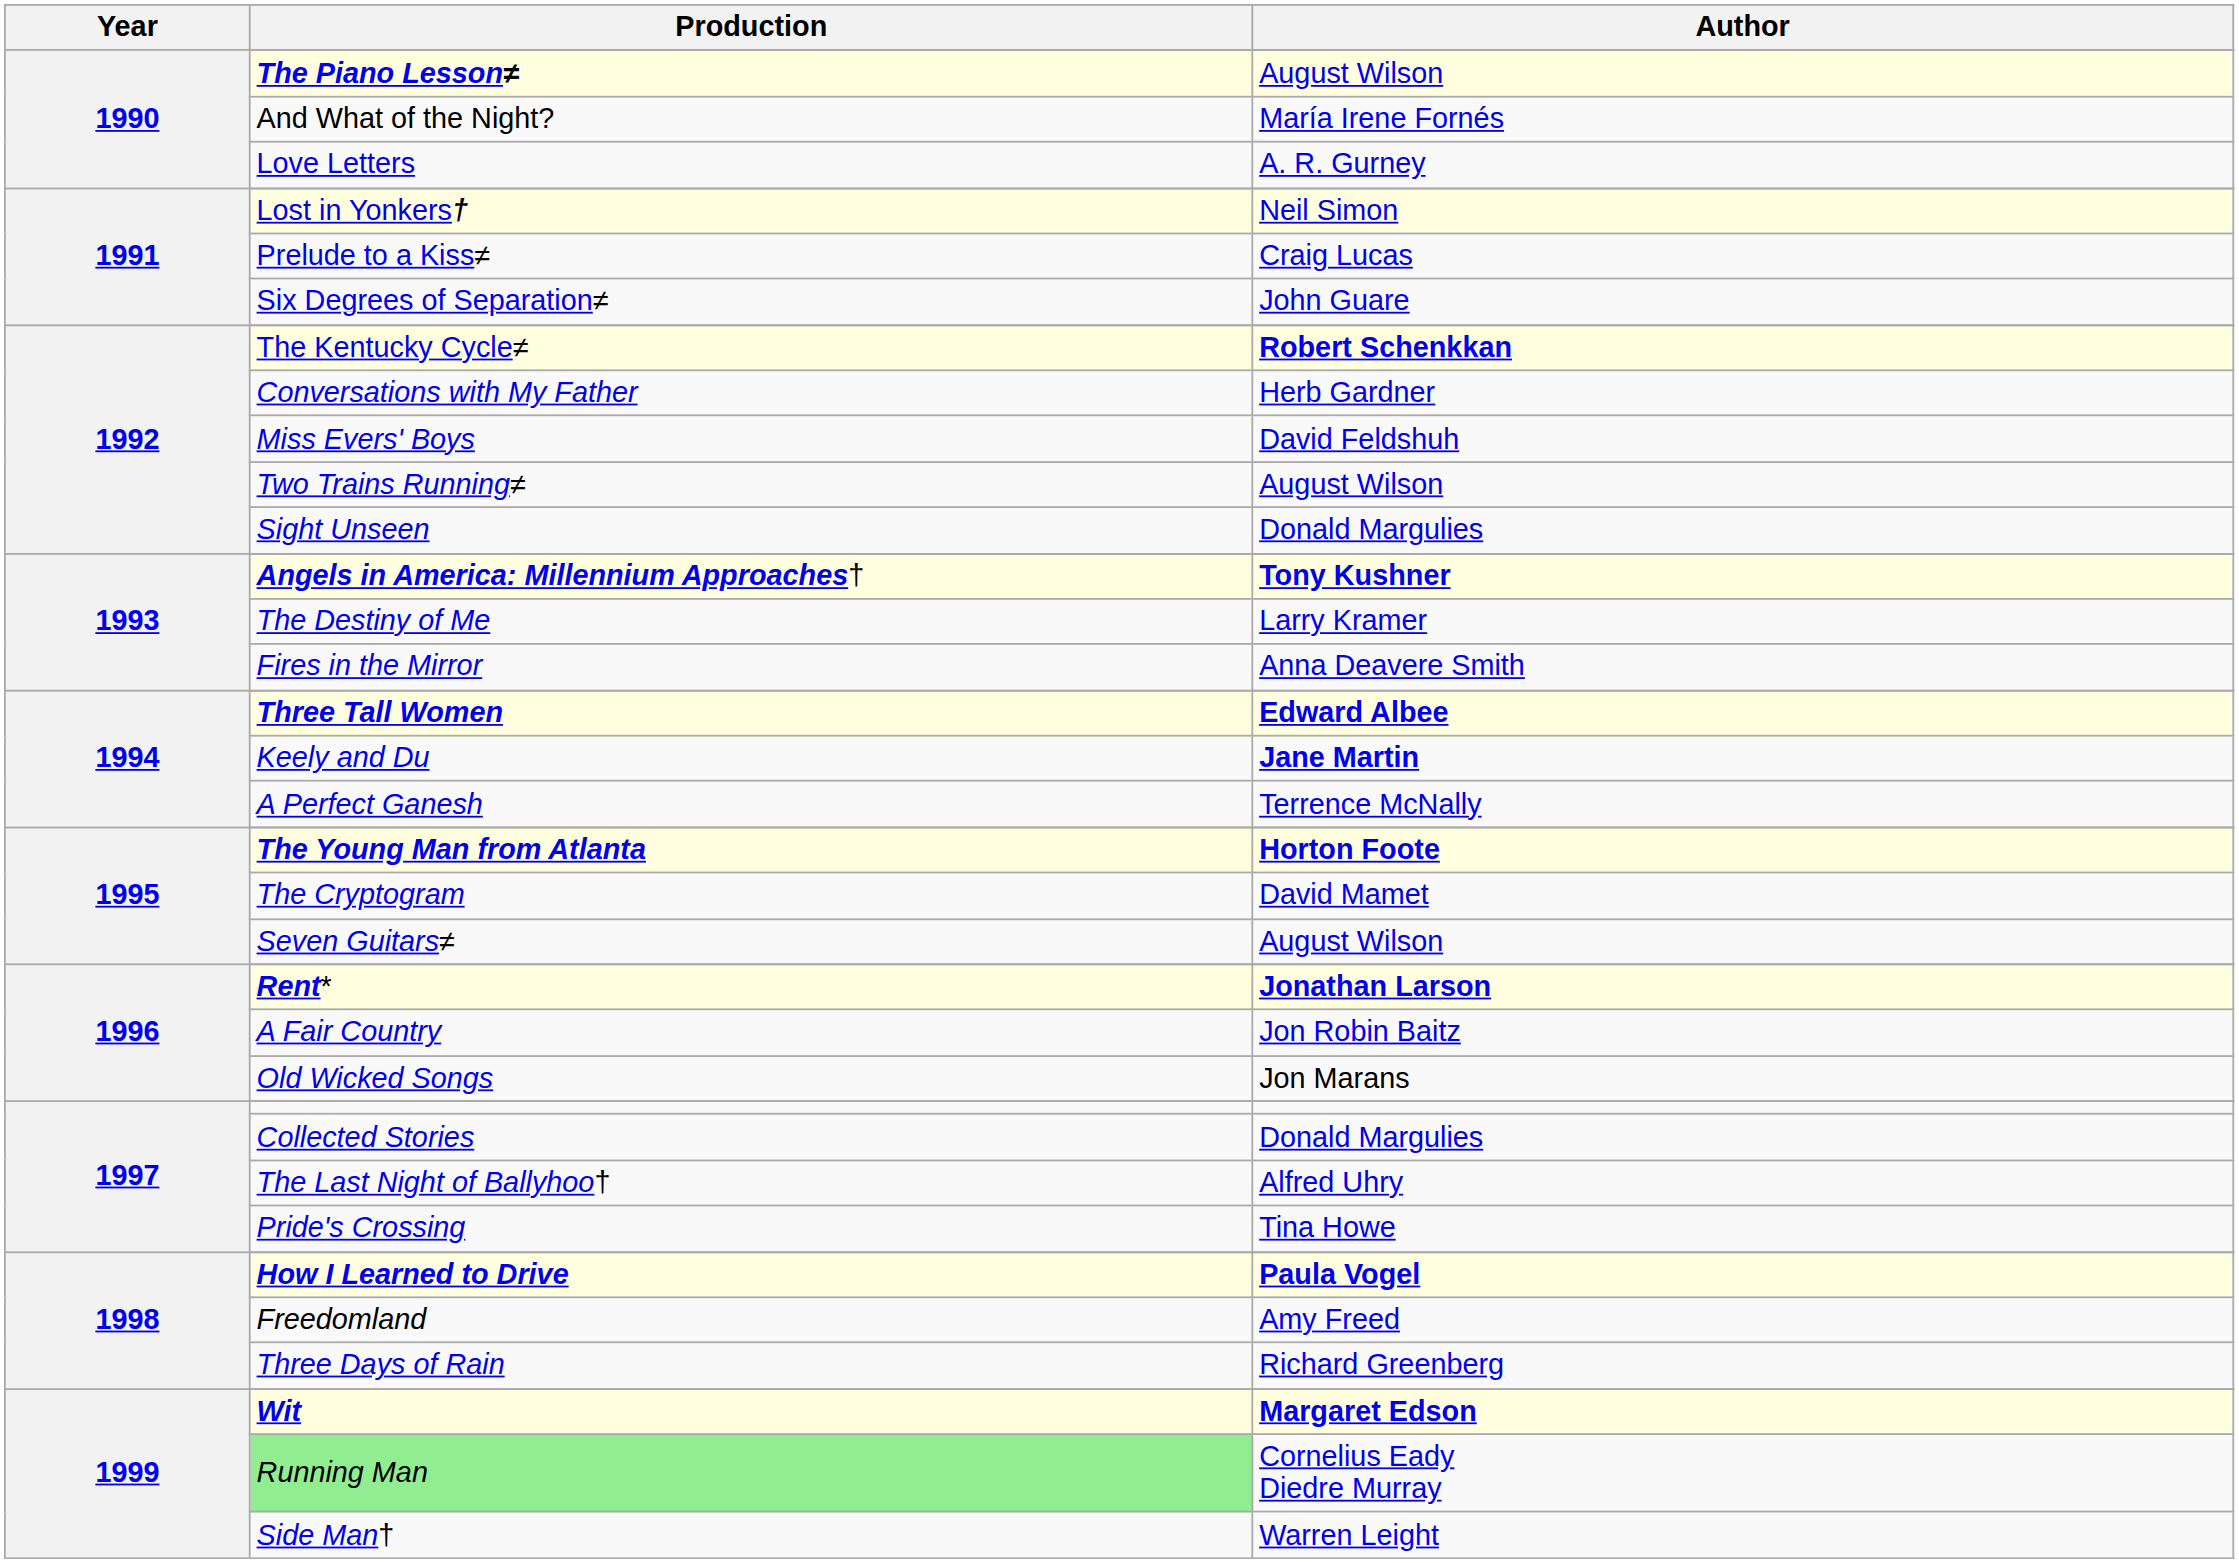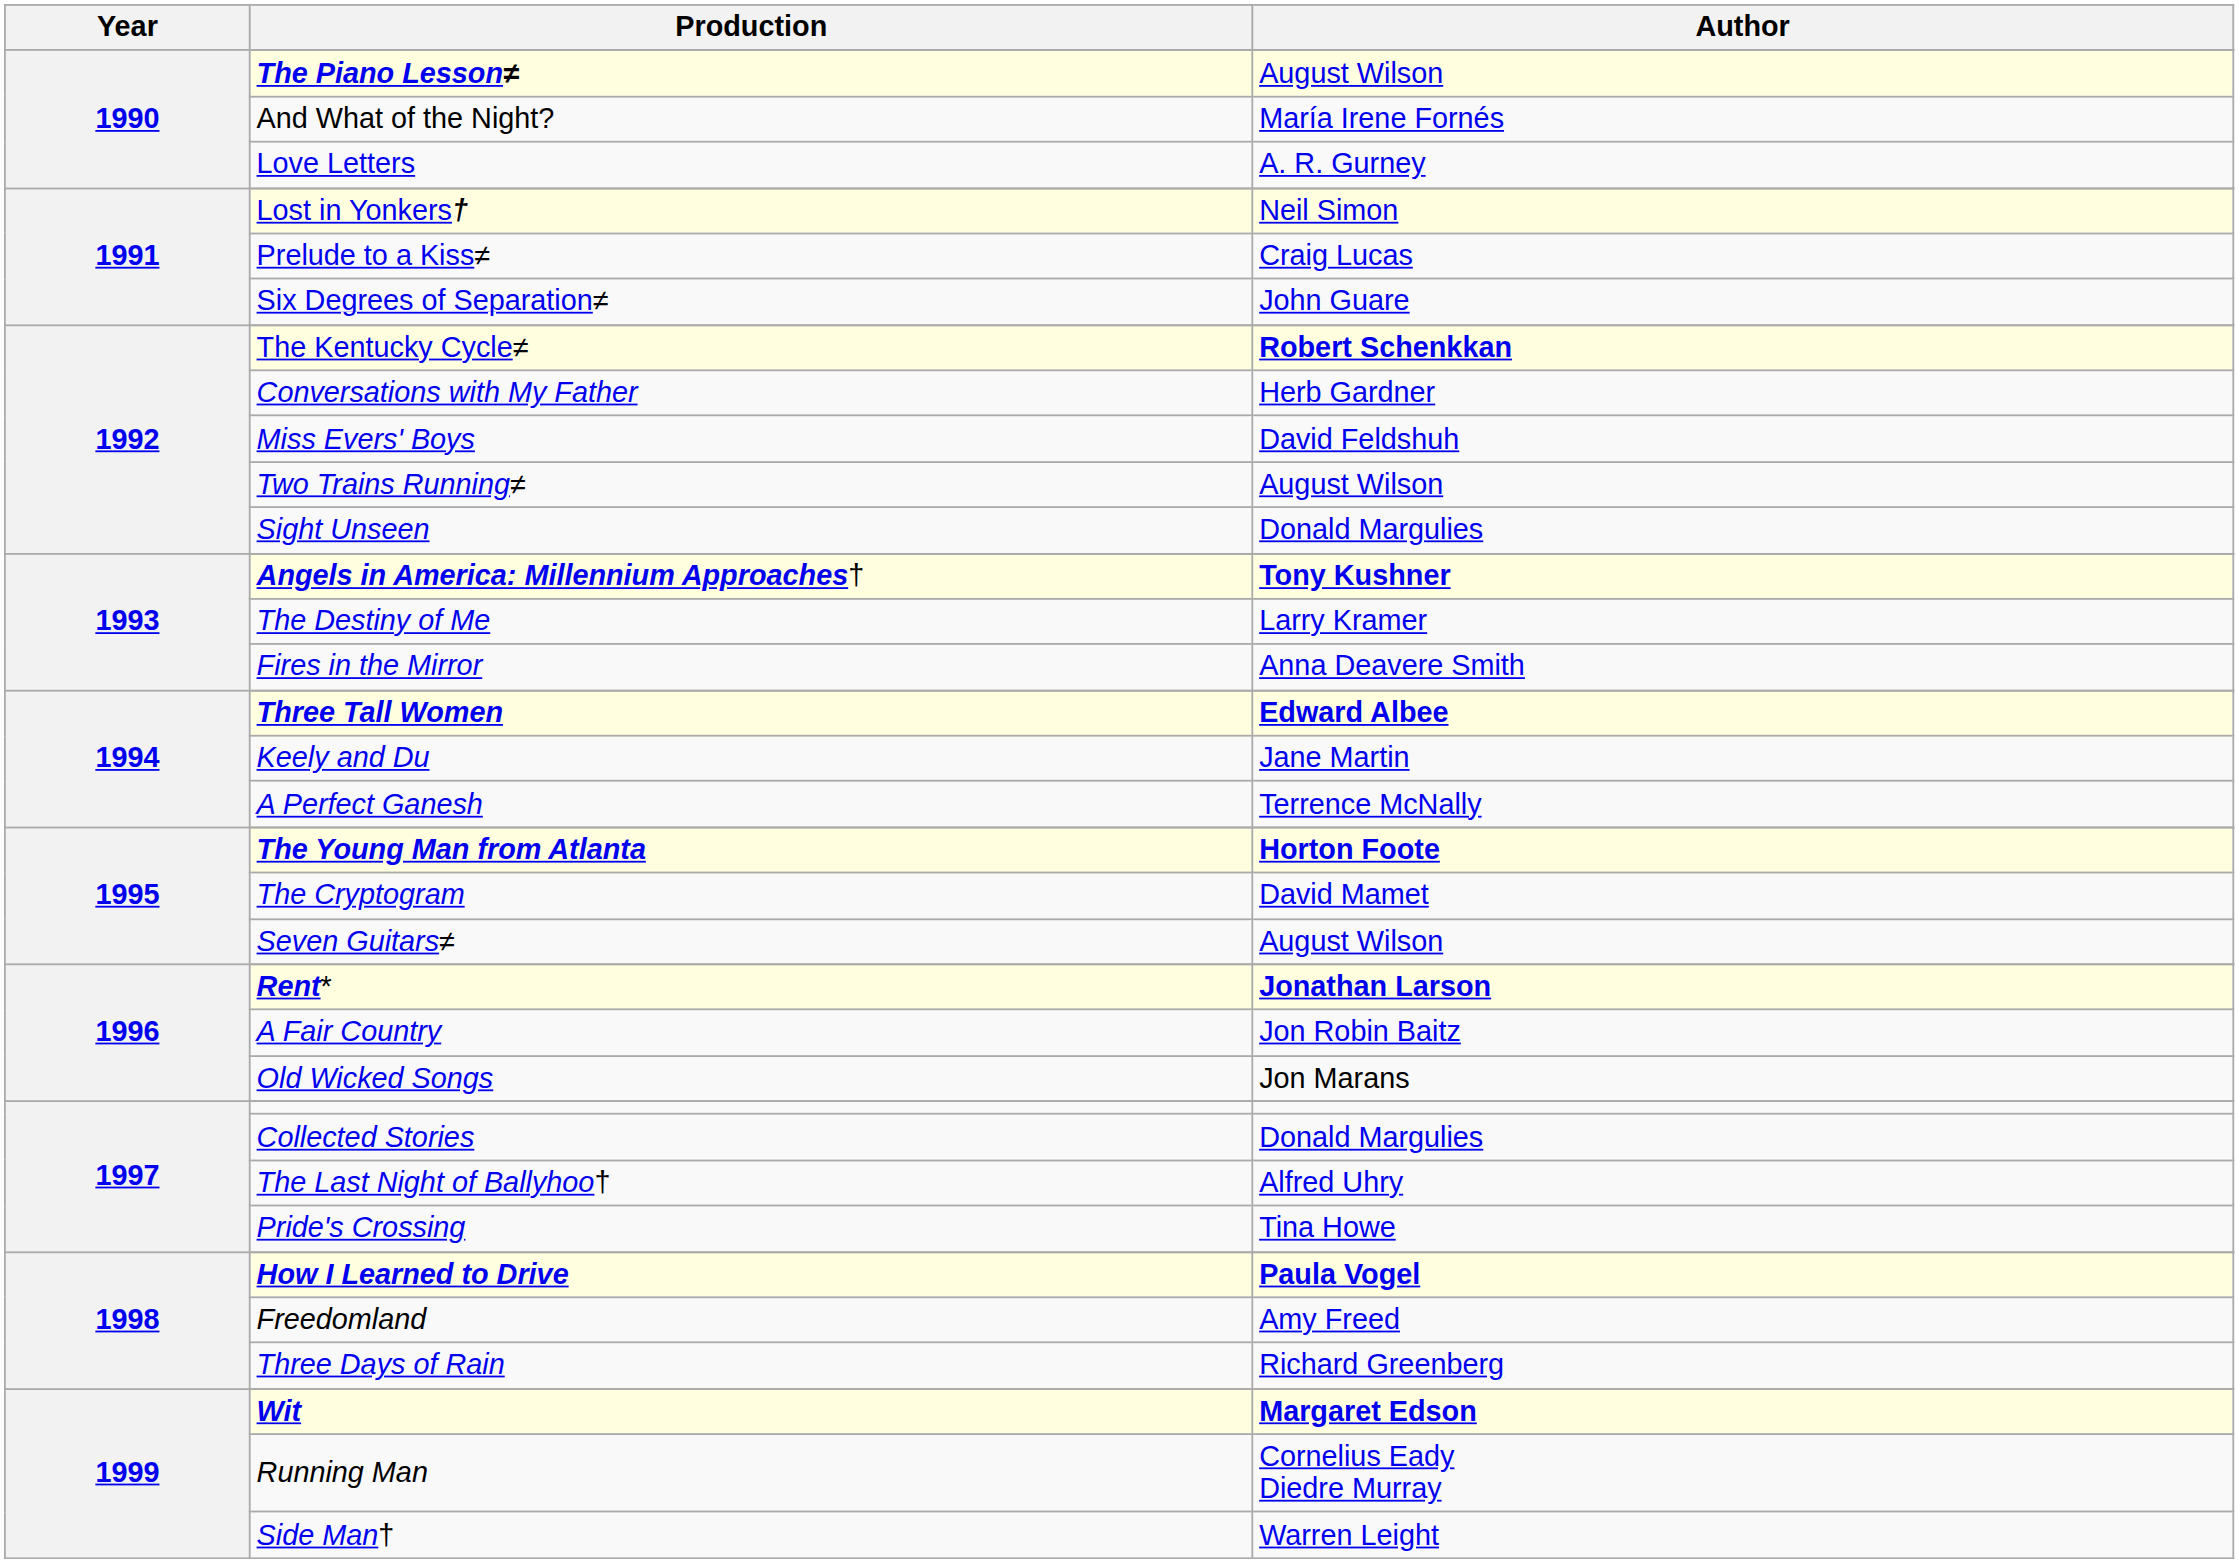 <table class="wikitable" style="width:98%">
 <tr style="background:#bebebe;">
 <th style="width:11%;">Year</th>
 <th style="width:45%;">Production</th>
 <th style="width:44%;">Author</th>
 </tr>
 <tr>
 <th rowspan="4" style="text-align:center"><strong><a href='#'>1990</a></strong></th>
 </tr>
 <tr style="background-color:lightyellow;">
 <td><strong><em><a href='#'>The Piano Lesson</a><strong>≠<em></td>
 <td></strong><a href='#'>August Wilson</a><strong></td>
 </tr>
 <tr>
 <td></em>And What of the Night?<em></td>
 <td><a href='#'>María Irene Fornés</a></td>
 </tr>
 <tr>
 <td></em><a href='#'>Love Letters</a><em></td>
 <td><a href='#'>A. R. Gurney</a></td>
 </tr>
 <tr>
 <th rowspan="4" style="text-align:center"></strong><a href='#'>1991</a><strong></th>
 </tr>
 <tr style="background-color:lightyellow;">
 <td></em></strong><a href='#'>Lost in Yonkers</a><strong><em>†</td>
 <td></strong><a href='#'>Neil Simon</a><strong></td>
 </tr>
 <tr>
 <td></em><a href='#'>Prelude to a Kiss</a>≠<em></td>
 <td><a href='#'>Craig Lucas</a></td>
 </tr>
 <tr>
 <td></em><a href='#'>Six Degrees of Separation</a>≠<em></td>
 <td><a href='#'>John Guare</a></td>
 </tr>
 <tr>
 <th rowspan="6" style="text-align:center"></strong><a href='#'>1992</a><strong></th>
 </tr>
 <tr style="background-color:lightyellow;">
 <td></em></strong><a href='#'>The Kentucky Cycle</a></strong>≠</em></td>
 <td><strong><a href='#'>Robert Schenkkan</a></strong></td>
 </tr>
 <tr>
 <td><em><a href='#'>Conversations with My Father</a></em></td>
 <td><a href='#'>Herb Gardner</a></td>
 </tr>
 <tr>
 <td><em><a href='#'>Miss Evers' Boys</a></em></td>
 <td><a href='#'>David Feldshuh</a></td>
 </tr>
 <tr>
 <td><em><a href='#'>Two Trains Running</a>≠</em></td>
 <td><a href='#'>August Wilson</a></td>
 </tr>
 <tr>
 <td><em><a href='#'>Sight Unseen</a></em></td>
 <td><a href='#'>Donald Margulies</a></td>
 </tr>
 <tr>
 <th rowspan="4" style="text-align:center"><strong><a href='#'>1993</a></strong></th>
 </tr>
 <tr style="background-color:lightyellow;">
 <td><strong><em><a href='#'>Angels in America: Millennium Approaches</a></em></strong>†</td>
 <td><strong><a href='#'>Tony Kushner</a></strong></td>
 </tr>
 <tr>
 <td><em><a href='#'>The Destiny of Me</a></em></td>
 <td><a href='#'>Larry Kramer</a></td>
 </tr>
 <tr>
 <td><em><a href='#'>Fires in the Mirror</a></em></td>
 <td><a href='#'>Anna Deavere Smith</a></td>
 </tr>
 <tr>
 <th rowspan="4" style="text-align:center"><strong><a href='#'>1994</a></strong></th>
 </tr>
 <tr style="background-color:lightyellow;">
 <td><strong><em><a href='#'>Three Tall Women</a></em></strong></td>
 <td><strong><a href='#'>Edward Albee</a></strong></td>
 </tr>
 <tr>
 <td><em><a href='#'>Keely and Du</a></em></td>
-<td><strong><a href='#'>Jane Martin</a></strong></td>
+<td><a href='#'>Jane Martin</a></td>
 </tr>
 <tr>
 <td><em><a href='#'>A Perfect Ganesh</a></em></td>
 <td><a href='#'>Terrence McNally</a></td>
 </tr>
 <tr>
 <th rowspan="4" style="text-align:center"><strong><a href='#'>1995</a></strong></th>
 </tr>
 <tr style="background-color:lightyellow;">
 <td><strong><em><a href='#'>The Young Man from Atlanta</a></em></strong></td>
 <td><strong><a href='#'>Horton Foote</a></strong></td>
 </tr>
 <tr>
 <td><em><a href='#'>The Cryptogram</a></em></td>
 <td><a href='#'>David Mamet</a></td>
 </tr>
 <tr>
 <td><em><a href='#'>Seven Guitars</a>≠</em></td>
 <td><a href='#'>August Wilson</a></td>
 </tr>
 <tr>
 <th rowspan="4" style="text-align:center"><strong><a href='#'>1996</a></strong></th>
 </tr>
 <tr style="background-color:lightyellow;">
 <td><strong><em><a href='#'>Rent</a></em></strong>*</td>
 <td><strong><a href='#'>Jonathan Larson</a></strong></td>
 </tr>
 <tr>
 <td><em><a href='#'>A Fair Country</a></em></td>
 <td><a href='#'>Jon Robin Baitz</a></td>
 </tr>
 <tr>
 <td><em><a href='#'>Old Wicked Songs</a></em></td>
 <td>Jon Marans</td>
 </tr>
 <tr>
 <th rowspan="5" style="text-align:center"><strong><a href='#'>1997</a></strong></th>
 </tr>
 <tr style="background:">
 <td></td>
 <td></td>
 </tr>
 <tr>
 <td><em><a href='#'>Collected Stories</a></em></td>
 <td><a href='#'>Donald Margulies</a></td>
 </tr>
 <tr>
 <td><em><a href='#'>The Last Night of Ballyhoo</a></em>†</td>
 <td><a href='#'>Alfred Uhry</a></td>
 </tr>
 <tr>
 <td><em><a href='#'>Pride's Crossing</a></em></td>
 <td><a href='#'>Tina Howe</a></td>
 </tr>
 <tr>
 <th rowspan="4" style="text-align:center"><strong><a href='#'>1998</a></strong></th>
 </tr>
 <tr style="background-color:lightyellow;">
 <td><strong><em><a href='#'>How I Learned to Drive</a></em></strong></td>
 <td><strong><a href='#'>Paula Vogel</a></strong></td>
 </tr>
 <tr>
 <td><em>Freedomland</em></td>
 <td><a href='#'>Amy Freed</a></td>
 </tr>
 <tr>
 <td><em><a href='#'>Three Days of Rain</a></em></td>
 <td><a href='#'>Richard Greenberg</a></td>
 </tr>
 <tr>
 <th rowspan="4" style="text-align:center"><strong><a href='#'>1999</a></strong></th>
 </tr>
 <tr style="background-color:lightyellow;">
 <td><strong><em><a href='#'>Wit</a></em></strong></td>
 <td><strong><a href='#'>Margaret Edson</a></strong></td>
 </tr>
 <tr>
-<td style="background: lightgreen;"><em>Running Man</em></td>
+<td><em>Running Man</em></td>
 <td><a href='#'>Cornelius Eady</a> <br> <a href='#'>Diedre Murray</a></td>
 </tr>
 <tr>
 <td><em><a href='#'>Side Man</a></em>†</td>
 <td><a href='#'>Warren Leight</a></td>
 </tr>
 </table>
